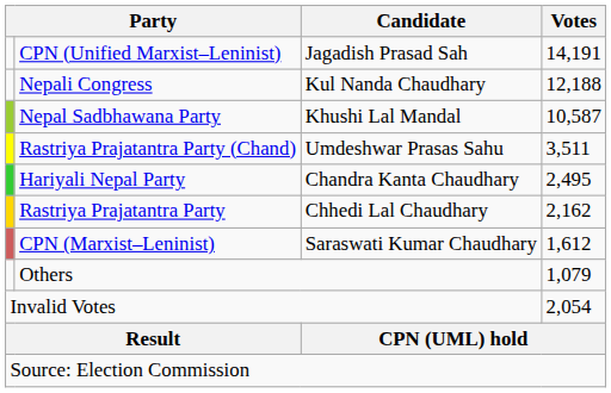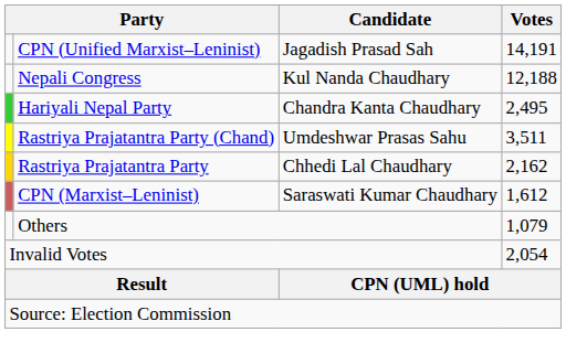 <table class="wikitable">
 <tr>
 <th colspan="2">Party</th>
 <th>Candidate</th>
 <th>Votes</th>
 </tr>
 <tr>
 <td style="background-color:"></td>
 <td><a href='#'>CPN (Unified Marxist–Leninist)</a></td>
 <td>Jagadish Prasad Sah</td>
 <td>14,191</td>
 </tr>
 <tr>
 <td style="background-color:"></td>
 <td><a href='#'>Nepali Congress</a></td>
 <td>Kul Nanda Chaudhary</td>
 <td>12,188</td>
 </tr>
 <tr>
-<td style="background-color:yellowgreen"></td>
-<td><a href='#'>Nepal Sadbhawana Party</a></td>
-<td>Khushi Lal Mandal</td>
-<td>10,587</td>
+<td style="background-color:limegreen"></td>
+<td><a href='#'>Hariyali Nepal Party</a></td>
+<td>Chandra Kanta Chaudhary</td>
+<td>2,495</td>
 </tr>
 <tr>
 <td style="background-color:yellow"></td>
 <td><a href='#'>Rastriya Prajatantra Party (Chand)</a></td>
 <td>Umdeshwar Prasas Sahu</td>
 <td>3,511</td>
-</tr>
-<tr>
-<td style="background-color:limegreen"></td>
-<td><a href='#'>Hariyali Nepal Party</a></td>
-<td>Chandra Kanta Chaudhary</td>
-<td>2,495</td>
 </tr>
 <tr>
 <td style="background-color:gold"></td>
 <td><a href='#'>Rastriya Prajatantra Party</a></td>
 <td>Chhedi Lal Chaudhary</td>
 <td>2,162</td>
 </tr>
 <tr>
 <td style="background-color:indianred"></td>
 <td><a href='#'>CPN (Marxist–Leninist)</a></td>
 <td>Saraswati Kumar Chaudhary</td>
 <td>1,612</td>
 </tr>
 <tr>
 <td></td>
 <td colspan="2">Others</td>
 <td>1,079</td>
 </tr>
 <tr>
 <td colspan="3">Invalid Votes</td>
 <td>2,054</td>
 </tr>
 <tr>
 <th colspan="2">Result</th>
 <th colspan="2">CPN (UML) hold</th>
 </tr>
 <tr>
 <td colspan="4">Source: Election Commission</td>
 </tr>
 </table>
